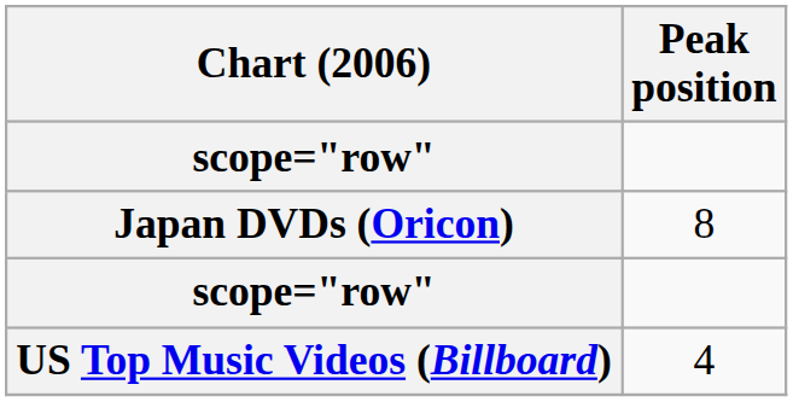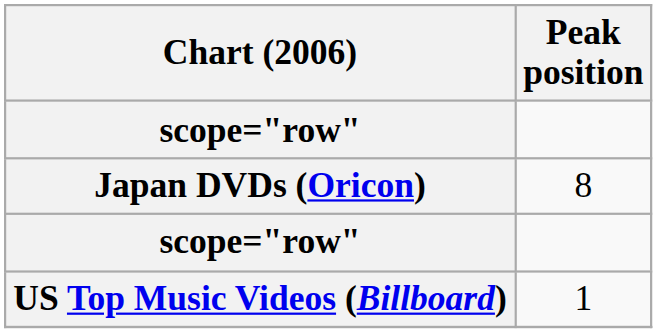 <table class="wikitable sortable plainrowheaders" style="text-align:center;">
 <tr>
 <th scope="col">Chart (2006)</th>
 <th scope="col">Peak<br>position</th>
 </tr>
 <tr>
 <th>scope="row"</th>
 </tr>
 <tr>
 <th scope="row">Japan DVDs (<a href='#'>Oricon</a>)</th>
 <td>8</td>
 </tr>
 <tr>
 <th>scope="row"</th>
 </tr>
 <tr>
 <th scope="row">US <a href='#'>Top Music Videos</a> (<em><a href='#'>Billboard</a></em>)</th>
-<td>4</td>
+<td>1</td>
 </tr>
 <tr>
 </tr>
 </table>
